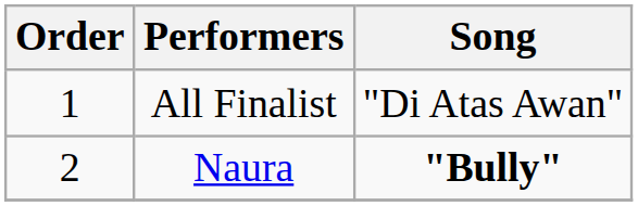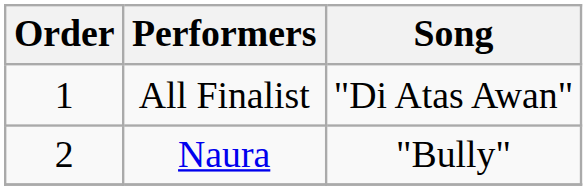 <table class="wikitable" style="text-align:center;">
 <tr>
 <th>Order</th>
 <th>Performers</th>
 <th>Song</th>
 </tr>
 <tr>
 <td>1</td>
 <td>All Finalist</td>
 <td>"Di Atas Awan"</td>
 </tr>
 <tr>
 <td>2</td>
 <td><a href='#'>Naura</a></td>
-<td><strong>"Bully"</strong></td>
+<td>"Bully"</td>
 </tr>
 <tr>
 </tr>
 </table>
